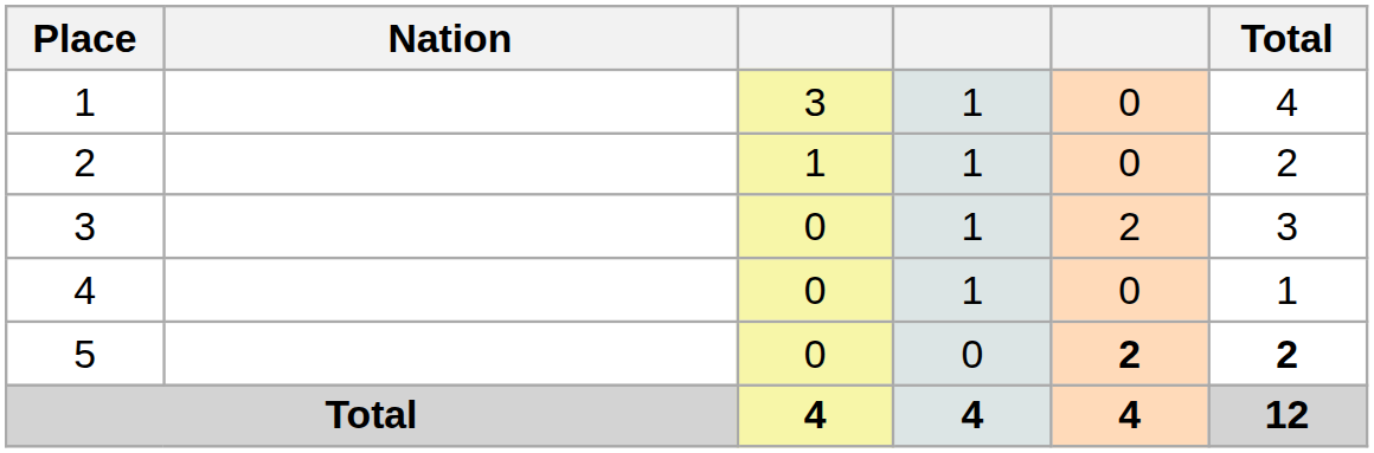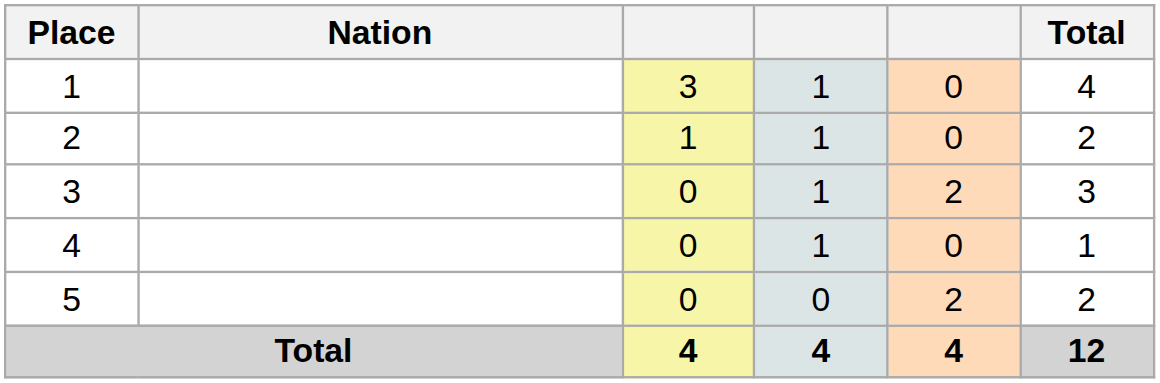 <table class=wikitable style="border:1px solid #AAAAAA;font-size:90%">
 <tr bgcolor="#EFEFEF">
 <th width=50>Place</th>
 <th width=200>Nation</th>
 <th width=50></th>
 <th width=50></th>
 <th width=50></th>
 <th width=50>Total</th>
 </tr>
 <tr align="center" valign="top" bgcolor="#FFFFFF">
 <td>1</td>
 <td align="left"></td>
 <td style="background:#F7F6A8;">3</td>
 <td style="background:#DCE5E5;">1</td>
 <td style="background:#FFDAB9;">0</td>
 <td>4</td>
 </tr>
 <tr align="center" valign="top" bgcolor="#FFFFFF">
 <td>2</td>
 <td align="left"></td>
 <td style="background:#F7F6A8;">1</td>
 <td style="background:#DCE5E5;">1</td>
 <td style="background:#FFDAB9;">0</td>
 <td>2</td>
 </tr>
 <tr align="center" valign="top" bgcolor="#FFFFFF">
 <td>3</td>
 <td align="left"></td>
 <td style="background:#F7F6A8;">0</td>
 <td style="background:#DCE5E5;">1</td>
 <td style="background:#FFDAB9;">2</td>
 <td>3</td>
 </tr>
 <tr align="center" valign="top" bgcolor="#FFFFFF">
 <td>4</td>
 <td align="left"></td>
 <td style="background:#F7F6A8;">0</td>
 <td style="background:#DCE5E5;">1</td>
 <td style="background:#FFDAB9;">0</td>
 <td>1</td>
 </tr>
 <tr align="center" valign="top" bgcolor="#FFFFFF">
 <td>5</td>
 <td align="left"></td>
 <td style="background:#F7F6A8;">0</td>
 <td style="background:#DCE5E5;">0</td>
-<td style="background:#FFDAB9;"><strong>2</strong></td>
-<td><strong>2</strong></td>
+<td style="background:#FFDAB9;">2</td>
+<td>2</td>
 </tr>
 <tr align="center">
 <td colspan="2" bgcolor=D3D3D3><strong>Total</strong></td>
 <td style="background:#F7F6A8;"><strong>4</strong></td>
 <td style="background:#DCE5E5;"><strong>4</strong></td>
 <td style="background:#FFDAB9;"><strong>4</strong></td>
 <td bgcolor=D3D3D3><strong>12</strong></td>
 </tr>
 </table>
